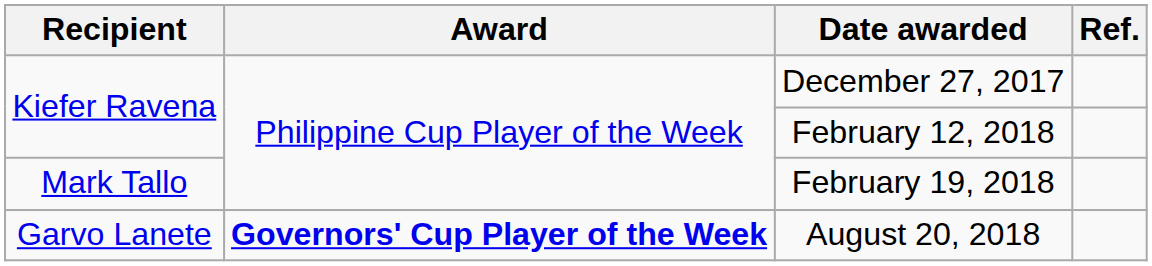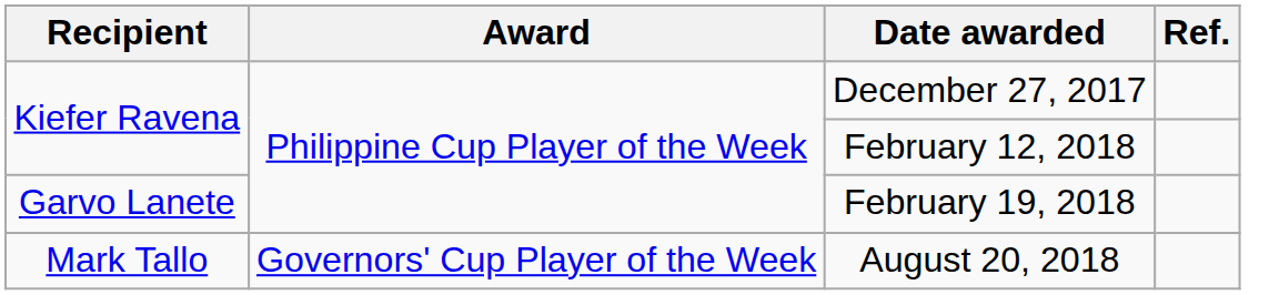 <table class="wikitable sortable sortable" style="text-align: center">
 <tr>
 <th>Recipient</th>
 <th>Award</th>
 <th>Date awarded</th>
 <th>Ref.</th>
 </tr>
 <tr>
 <td rowspan=2><a href='#'>Kiefer Ravena</a></td>
 <td rowspan=3><a href='#'>Philippine Cup Player of the Week</a></td>
 <td>December 27, 2017</td>
 <td align=center></td>
 </tr>
 <tr>
 <td>February 12, 2018</td>
 <td align=center></td>
 </tr>
 <tr>
-<td><a href='#'>Mark Tallo</a></td>
+<td><a href='#'>Garvo Lanete</a></td>
 <td>February 19, 2018</td>
 <td align=center></td>
 </tr>
 <tr>
-<td><a href='#'>Garvo Lanete</a></td>
-<td><strong><a href='#'>Governors' Cup Player of the Week</a></strong></td>
+<td><a href='#'>Mark Tallo</a></td>
+<td><a href='#'>Governors' Cup Player of the Week</a></td>
 <td>August 20, 2018</td>
 <td align=center></td>
 </tr>
 </table>
